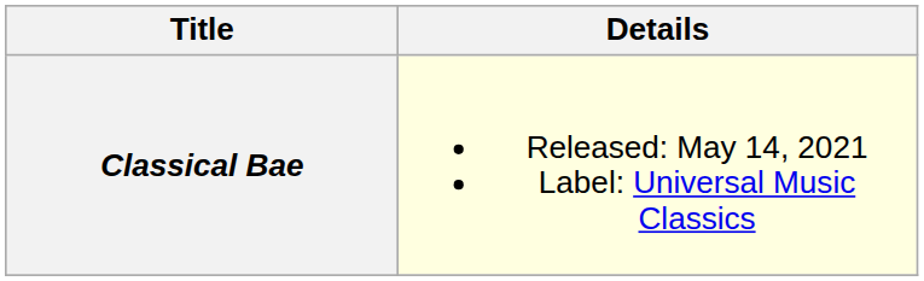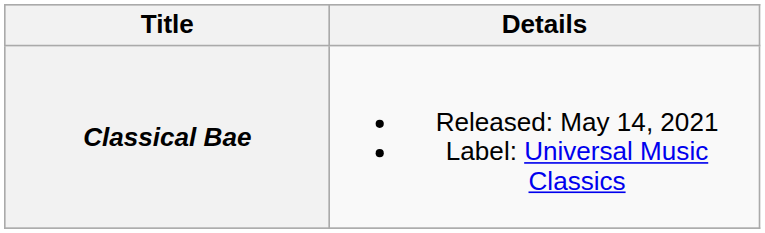 <table class="wikitable plainrowheaders" style="text-align:center;">
 <tr>
 <th scope="col" rowspan="1" style="width:12em;">Title</th>
 <th scope="col" rowspan="1" style="width:16em;">Details</th>
 </tr>
 <tr>
 <th scope="row"><em>Classical Bae</em></th>
-<td style="background: lightyellow;"><br><ul><li>Released: May 14, 2021</li><li>Label: <a href='#'>Universal Music Classics</a></li></ul></td>
+<td><br><ul><li>Released: May 14, 2021</li><li>Label: <a href='#'>Universal Music Classics</a></li></ul></td>
 </tr>
 </table>
